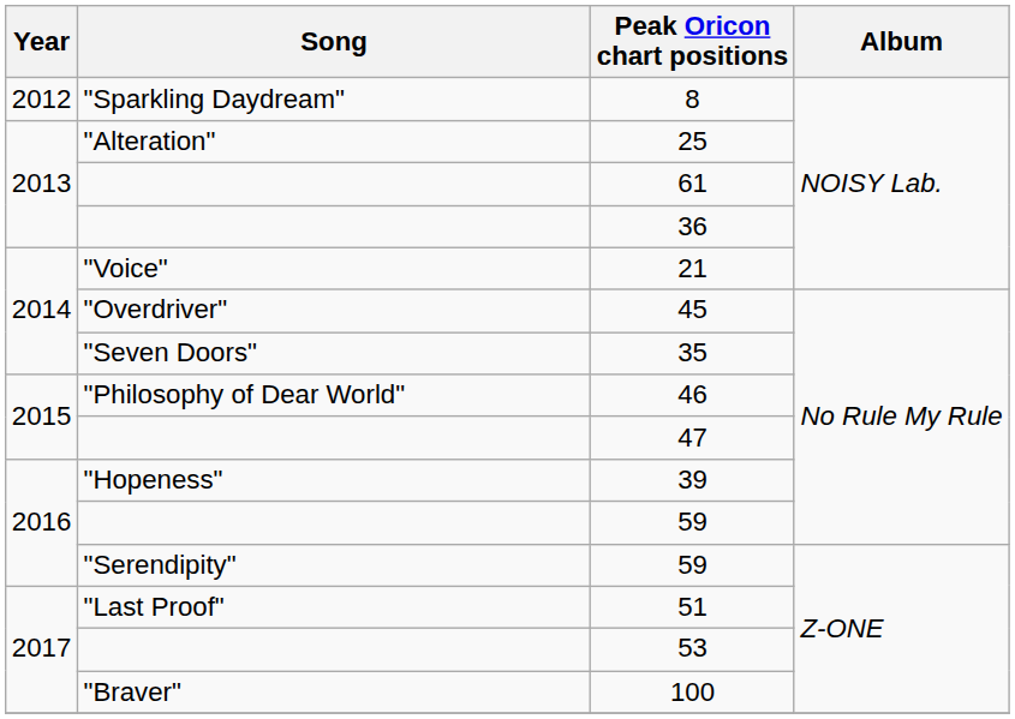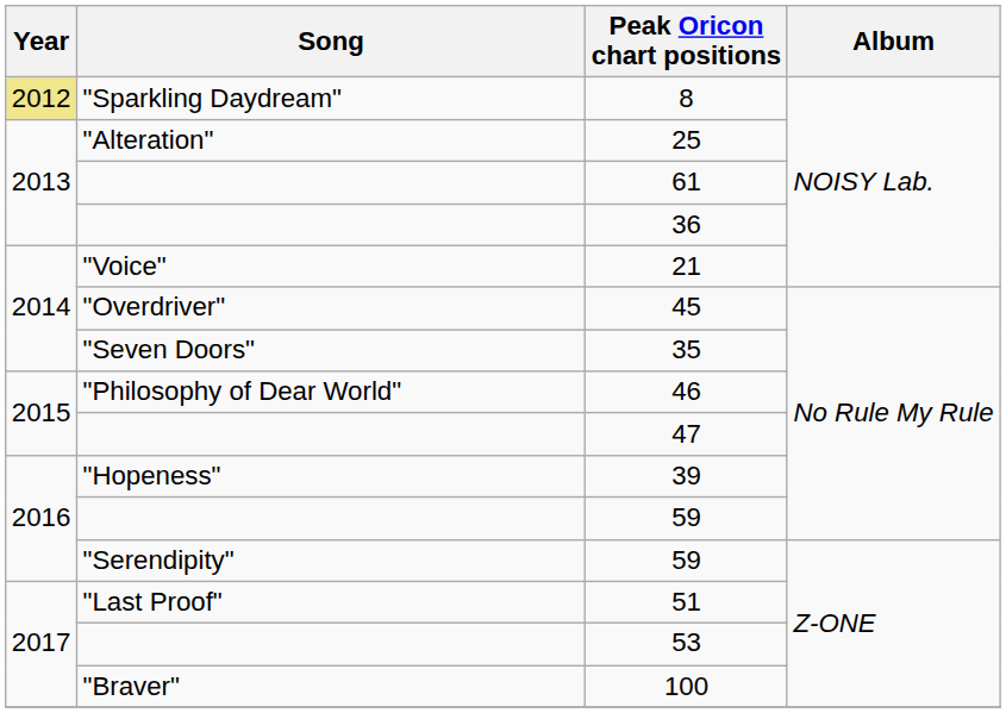 <table class="wikitable" border="1">
 <tr>
 <th rowspan="1">Year</th>
 <th rowspan="1" width="300">Song</th>
 <th colspan="1">Peak <a href='#'>Oricon</a><br> chart positions<br></th>
 <th rowspan="1">Album</th>
 </tr>
 <tr>
-<td>2012</td>
+<td style="background: khaki;">2012</td>
 <td>"Sparkling Daydream"</td>
 <td align="center">8</td>
 <td rowspan="5"><em>NOISY Lab.</em></td>
 </tr>
 <tr>
 <td rowspan="3">2013</td>
 <td>"Alteration"</td>
 <td align="center">25</td>
 </tr>
 <tr>
 <td></td>
 <td align="center">61</td>
 </tr>
 <tr>
 <td></td>
 <td align="center">36</td>
 </tr>
 <tr>
 <td rowspan="3">2014</td>
 <td>"Voice"</td>
 <td align="center">21</td>
 </tr>
 <tr>
 <td>"Overdriver"</td>
 <td align="center">45</td>
 <td rowspan="6"><em>No Rule My Rule</em></td>
 </tr>
 <tr>
 <td>"Seven Doors"</td>
 <td align="center">35</td>
 </tr>
 <tr>
 <td rowspan="2">2015</td>
 <td>"Philosophy of Dear World"</td>
 <td align="center">46</td>
 </tr>
 <tr>
 <td></td>
 <td align="center">47</td>
 </tr>
 <tr>
 <td rowspan="3">2016</td>
 <td>"Hopeness"</td>
 <td align="center">39</td>
 </tr>
 <tr>
 <td></td>
 <td align="center">59</td>
 </tr>
 <tr>
 <td>"Serendipity"</td>
 <td align="center">59</td>
 <td rowspan="4"><em>Z-ONE</em></td>
 </tr>
 <tr>
 <td rowspan="3">2017</td>
 <td>"Last Proof"</td>
 <td align="center">51</td>
 </tr>
 <tr>
 <td></td>
 <td align="center">53</td>
 </tr>
 <tr>
 <td>"Braver"</td>
 <td align="center">100</td>
 </tr>
 <tr>
 </tr>
 </table>
